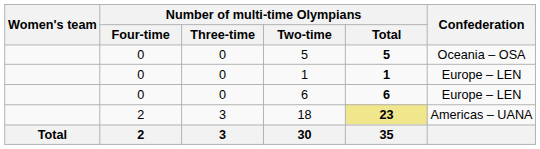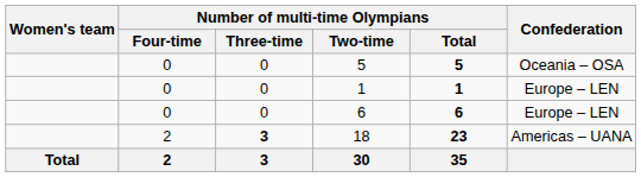 <table class="wikitable sortable" style="text-align: center; font-size: 90%; margin-left: 1em;">
 <tr>
 <th rowspan="2">Women's team</th>
 <th colspan="4">Number of multi-time Olympians</th>
 <th rowspan="2">Confederation</th>
 </tr>
 <tr>
 <th style="width: 6em;">Four-time</th>
 <th style="width: 6em;">Three-time</th>
 <th style="width: 6em;">Two-time</th>
 <th style="width: 6em;">Total</th>
 </tr>
 <tr>
 <td style="text-align: left;"></td>
 <td>0</td>
 <td>0</td>
 <td>5</td>
 <td><strong>5</strong></td>
 <td>Oceania – OSA</td>
 </tr>
 <tr>
 <td style="text-align: left;"></td>
 <td>0</td>
 <td>0</td>
 <td>1</td>
 <td><strong>1</strong></td>
 <td>Europe – LEN</td>
 </tr>
 <tr>
 <td style="text-align: left;"></td>
 <td>0</td>
 <td>0</td>
 <td>6</td>
 <td><strong>6</strong></td>
 <td>Europe – LEN</td>
 </tr>
 <tr>
 <td style="text-align: left;"></td>
 <td>2</td>
-<td>3</td>
+<td><strong>3</strong></td>
 <td>18</td>
-<td style="background: khaki;"><strong>23</strong></td>
+<td><strong>23</strong></td>
 <td>Americas – UANA</td>
 </tr>
 <tr>
 <th>Total</th>
 <th>2</th>
 <th>3</th>
 <th>30</th>
 <th>35</th>
 <th></th>
 </tr>
 </table>
